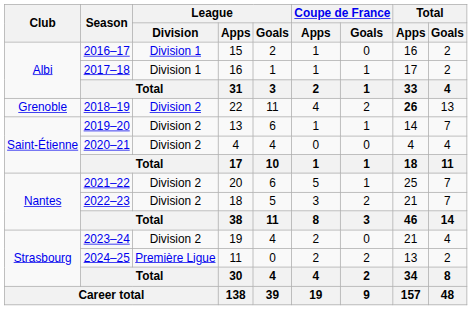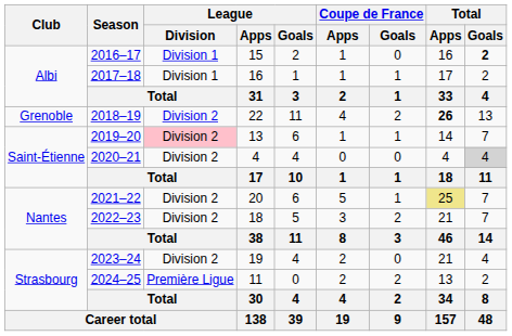 <table class="wikitable" style="text-align:center">
 <tr>
 <th rowspan="2">Club</th>
 <th rowspan="2">Season</th>
 <th colspan="3">League</th>
 <th colspan="2"><a href='#'>Coupe de France</a></th>
 <th colspan="2">Total</th>
 </tr>
 <tr>
 <th>Division</th>
 <th>Apps</th>
 <th>Goals</th>
 <th>Apps</th>
 <th>Goals</th>
 <th>Apps</th>
 <th>Goals</th>
 </tr>
 <tr>
 <td rowspan="3"><a href='#'>Albi</a></td>
 <td><a href='#'>2016–17</a></td>
 <td><a href='#'>Division 1</a></td>
 <td>15</td>
 <td>2</td>
 <td>1</td>
 <td>0</td>
 <td>16</td>
-<td>2</td>
+<td><strong>2</strong></td>
 </tr>
 <tr>
 <td><a href='#'>2017–18</a></td>
 <td>Division 1</td>
 <td>16</td>
 <td>1</td>
 <td>1</td>
 <td>1</td>
 <td>17</td>
 <td>2</td>
 </tr>
 <tr>
 <th colspan="2">Total</th>
 <th>31</th>
 <th>3</th>
 <th>2</th>
 <th>1</th>
 <th>33</th>
 <th>4</th>
 </tr>
 <tr>
 <td><a href='#'>Grenoble</a></td>
 <td><a href='#'>2018–19</a></td>
 <td><a href='#'>Division 2</a></td>
 <td>22</td>
 <td>11</td>
 <td>4</td>
 <td>2</td>
 <td><strong>26</strong></td>
 <td>13</td>
 </tr>
 <tr>
 <td rowspan="3"><a href='#'>Saint-Étienne</a></td>
 <td><a href='#'>2019–20</a></td>
-<td>Division 2</td>
+<td style="background: pink;">Division 2</td>
 <td>13</td>
 <td>6</td>
 <td>1</td>
 <td>1</td>
 <td>14</td>
 <td>7</td>
 </tr>
 <tr>
 <td><a href='#'>2020–21</a></td>
 <td>Division 2</td>
 <td>4</td>
 <td>4</td>
 <td>0</td>
 <td>0</td>
 <td>4</td>
-<td>4</td>
+<td style="background: lightgrey;">4</td>
 </tr>
 <tr>
 <th colspan="2">Total</th>
 <th>17</th>
 <th>10</th>
 <th>1</th>
 <th>1</th>
 <th>18</th>
 <th>11</th>
 </tr>
 <tr>
 <td rowspan="3"><a href='#'>Nantes</a></td>
 <td><a href='#'>2021–22</a></td>
 <td>Division 2</td>
 <td>20</td>
 <td>6</td>
 <td>5</td>
 <td>1</td>
-<td>25</td>
+<td style="background: khaki;">25</td>
 <td>7</td>
 </tr>
 <tr>
 <td><a href='#'>2022–23</a></td>
 <td>Division 2</td>
 <td>18</td>
 <td>5</td>
 <td>3</td>
 <td>2</td>
 <td>21</td>
 <td>7</td>
 </tr>
 <tr>
 <th colspan="2">Total</th>
 <th>38</th>
 <th>11</th>
 <th>8</th>
 <th>3</th>
 <th>46</th>
 <th>14</th>
 </tr>
 <tr>
 <td rowspan="3"><a href='#'>Strasbourg</a></td>
 <td><a href='#'>2023–24</a></td>
 <td>Division 2</td>
 <td>19</td>
 <td>4</td>
 <td>2</td>
 <td>0</td>
 <td>21</td>
 <td>4</td>
 </tr>
 <tr>
 <td><a href='#'>2024–25</a></td>
 <td><a href='#'>Première Ligue</a></td>
 <td>11</td>
 <td>0</td>
 <td>2</td>
 <td>2</td>
 <td>13</td>
 <td>2</td>
 </tr>
 <tr>
 <th colspan="2">Total</th>
 <th>30</th>
 <th>4</th>
 <th>4</th>
 <th>2</th>
 <th>34</th>
 <th>8</th>
 </tr>
 <tr>
 <th colspan="3">Career total</th>
 <th>138</th>
 <th>39</th>
 <th>19</th>
 <th>9</th>
 <th>157</th>
 <th>48</th>
 </tr>
 </table>
